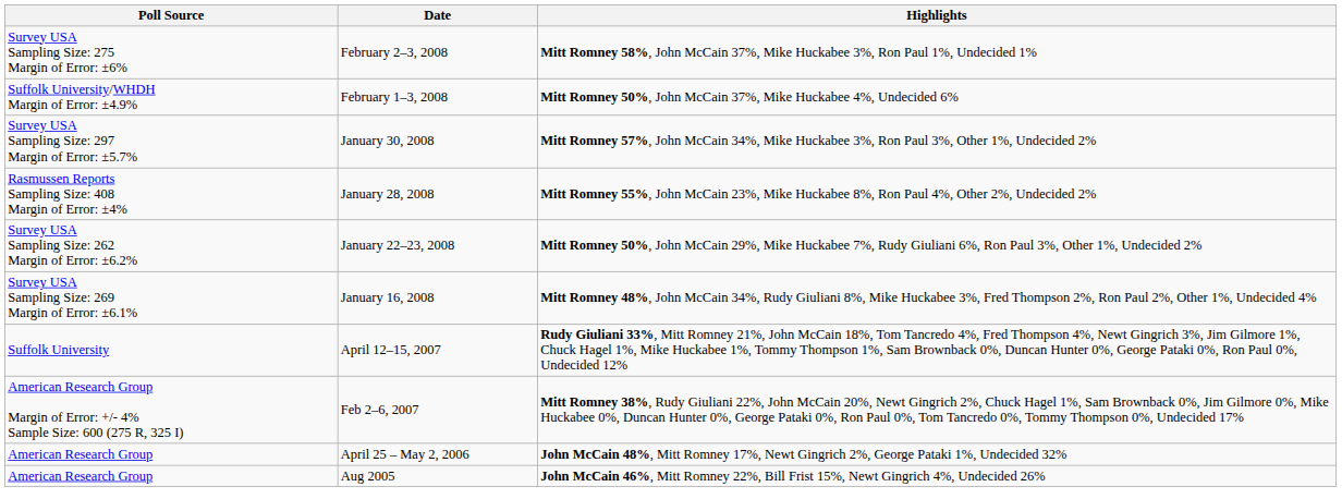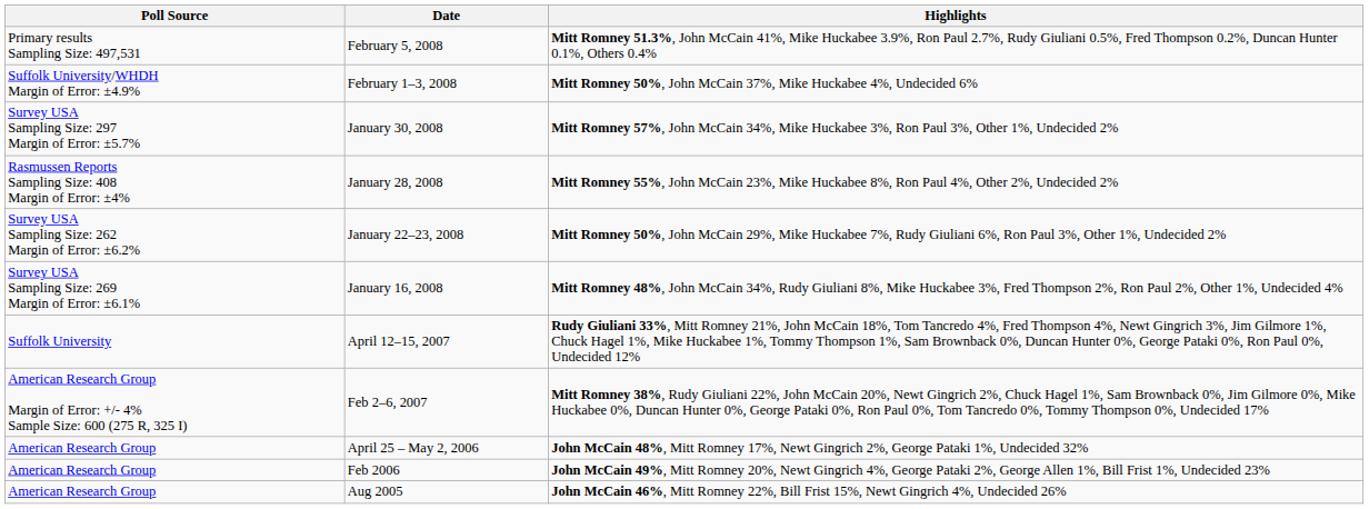 <table class="wikitable sortable">
 <tr>
 <th width="25%">Poll Source</th>
 <th width="15%">Date</th>
 <th width="60%">Highlights</th>
 </tr>
 <tr>
-<td><a href='#'>Survey USA</a><br>Sampling Size: 275<br>Margin of Error: ±6%</td>
-<td>February 2–3, 2008</td>
-<td><strong>Mitt Romney 58%</strong>, John McCain 37%, Mike Huckabee 3%, Ron Paul 1%, Undecided 1%</td>
+<td>Primary results<br>Sampling Size: 497,531</td>
+<td>February 5, 2008</td>
+<td><strong>Mitt Romney 51.3%</strong>, John McCain 41%, Mike Huckabee 3.9%, Ron Paul 2.7%, Rudy Giuliani 0.5%, Fred Thompson 0.2%, Duncan Hunter 0.1%, Others 0.4%</td>
 </tr>
 <tr>
 <td><a href='#'>Suffolk University</a>/<a href='#'>WHDH</a><br>Margin of Error: ±4.9%</td>
 <td>February 1–3, 2008</td>
 <td><strong>Mitt Romney 50%</strong>, John McCain 37%, Mike Huckabee 4%, Undecided 6%</td>
 </tr>
 <tr>
 <td><a href='#'>Survey USA</a><br>Sampling Size: 297<br>Margin of Error: ±5.7%</td>
 <td>January 30, 2008</td>
 <td><strong>Mitt Romney 57%</strong>, John McCain 34%, Mike Huckabee 3%, Ron Paul 3%, Other 1%, Undecided 2%</td>
 </tr>
 <tr>
 <td><a href='#'>Rasmussen Reports</a><br>Sampling Size: 408<br> Margin of Error: ±4%</td>
 <td>January 28, 2008</td>
 <td><strong>Mitt Romney 55%</strong>, John McCain 23%, Mike Huckabee 8%, Ron Paul 4%, Other 2%, Undecided 2%</td>
 </tr>
 <tr>
 <td><a href='#'>Survey USA</a><br>Sampling Size: 262<br> Margin of Error: ±6.2%</td>
 <td>January 22–23, 2008</td>
 <td><strong>Mitt Romney 50%</strong>, John McCain 29%, Mike Huckabee 7%, Rudy Giuliani 6%, Ron Paul 3%, Other 1%, Undecided 2%</td>
 </tr>
 <tr>
 <td><a href='#'>Survey USA</a><br>Sampling Size: 269<br> Margin of Error: ±6.1%</td>
 <td>January 16, 2008</td>
 <td><strong>Mitt Romney 48%</strong>, John McCain 34%, Rudy Giuliani 8%, Mike Huckabee 3%, Fred Thompson 2%, Ron Paul 2%, Other 1%, Undecided 4%</td>
 </tr>
 <tr>
 <td><a href='#'>Suffolk University</a></td>
 <td>April 12–15, 2007</td>
 <td><strong>Rudy Giuliani 33%</strong>, Mitt Romney 21%, John McCain 18%, Tom Tancredo 4%, Fred Thompson 4%, Newt Gingrich 3%, Jim Gilmore 1%, Chuck Hagel 1%, Mike Huckabee 1%, Tommy Thompson 1%, Sam Brownback 0%, Duncan Hunter 0%, George Pataki 0%, Ron Paul 0%, Undecided 12%</td>
 </tr>
 <tr>
 <td><a href='#'>American Research Group</a><br><br>Margin of Error: +/- 4%<br> Sample Size: 600 (275 R, 325 I)</td>
 <td>Feb 2–6, 2007</td>
 <td><strong>Mitt Romney 38%</strong>, Rudy Giuliani 22%, John McCain 20%, Newt Gingrich 2%, Chuck Hagel 1%, Sam Brownback 0%, Jim Gilmore 0%, Mike Huckabee 0%, Duncan Hunter 0%, George Pataki 0%, Ron Paul 0%, Tom Tancredo 0%, Tommy Thompson 0%, Undecided 17%</td>
 </tr>
 <tr>
 <td><a href='#'>American Research Group</a></td>
 <td>April 25 – May 2, 2006</td>
 <td><strong>John McCain 48%</strong>, Mitt Romney 17%, Newt Gingrich 2%, George Pataki 1%, Undecided 32%</td>
 </tr>
 <tr>
 <td><a href='#'>American Research Group</a></td>
+<td>Feb 2006</td>
+<td><strong>John McCain 49%</strong>, Mitt Romney 20%, Newt Gingrich 4%, George Pataki 2%, George Allen 1%, Bill Frist 1%, Undecided 23%</td>
+</tr>
+<tr>
+<td><a href='#'>American Research Group</a></td>
 <td>Aug 2005</td>
 <td><strong>John McCain 46%</strong>, Mitt Romney 22%, Bill Frist 15%, Newt Gingrich 4%, Undecided 26%</td>
 </tr>
 </table>
